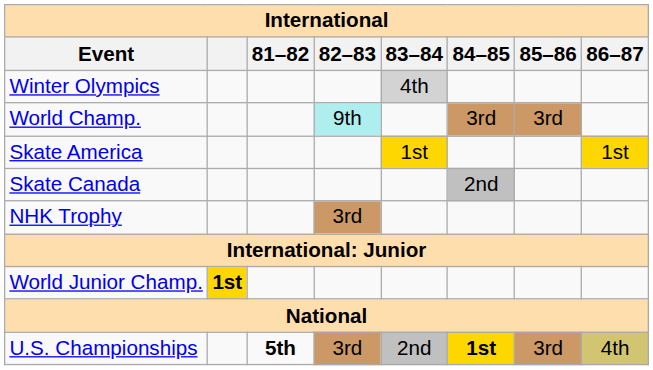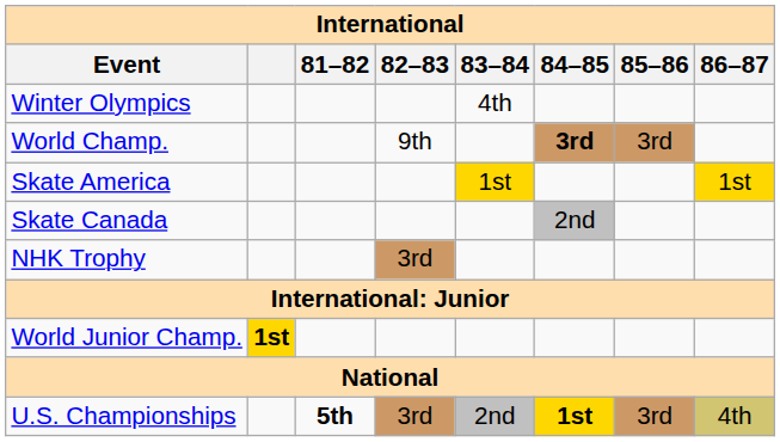 <table class="wikitable" style="text-align:center">
 <tr>
 <th style="background-color: #ffdead; " colspan=8 align=center>International</th>
 </tr>
 <tr>
 <th>Event</th>
 <th></th>
 <th>81–82</th>
 <th>82–83</th>
 <th>83–84</th>
 <th>84–85</th>
 <th>85–86</th>
 <th>86–87</th>
 </tr>
 <tr>
 <td align=left><a href='#'>Winter Olympics</a></td>
 <td></td>
 <td></td>
 <td></td>
-<td style="background: lightgrey;">4th</td>
+<td>4th</td>
 <td></td>
 <td></td>
 <td></td>
 </tr>
 <tr>
 <td align=left><a href='#'>World Champ.</a></td>
 <td></td>
 <td></td>
-<td style="background: paleturquoise;">9th</td>
+<td>9th</td>
 <td></td>
-<td bgcolor=cc9966>3rd</td>
+<td bgcolor=cc9966><strong>3rd</strong></td>
 <td bgcolor=cc9966>3rd</td>
 <td></td>
 </tr>
 <tr>
 <td align=left><a href='#'>Skate America</a></td>
 <td></td>
 <td></td>
 <td></td>
 <td bgcolor=gold>1st</td>
 <td></td>
 <td></td>
 <td bgcolor=gold>1st</td>
 </tr>
 <tr>
 <td align=left><a href='#'>Skate Canada</a></td>
 <td></td>
 <td></td>
 <td></td>
 <td></td>
 <td bgcolor=silver>2nd</td>
 <td></td>
 <td></td>
 </tr>
 <tr>
 <td align=left><a href='#'>NHK Trophy</a></td>
 <td></td>
 <td></td>
 <td bgcolor=cc9966>3rd</td>
 <td></td>
 <td></td>
 <td></td>
 <td></td>
 </tr>
 <tr>
 <th style="background-color: #ffdead; " colspan=8 align=center>International: Junior</th>
 </tr>
 <tr>
 <td align=left><a href='#'>World Junior Champ.</a></td>
 <td bgcolor=gold><strong>1st</strong></td>
 <td></td>
 <td></td>
 <td></td>
 <td></td>
 <td></td>
 <td></td>
 </tr>
 <tr>
 <th style="background-color: #ffdead; " colspan=8 align=center>National</th>
 </tr>
 <tr>
 <td align=left><a href='#'>U.S. Championships</a></td>
 <td></td>
 <td><strong>5th</strong></td>
 <td bgcolor=cc9966>3rd</td>
 <td bgcolor=silver>2nd</td>
 <td bgcolor=gold><strong>1st</strong></td>
 <td bgcolor=cc9966>3rd</td>
 <td bgcolor=d1c571>4th</td>
 </tr>
 </table>
